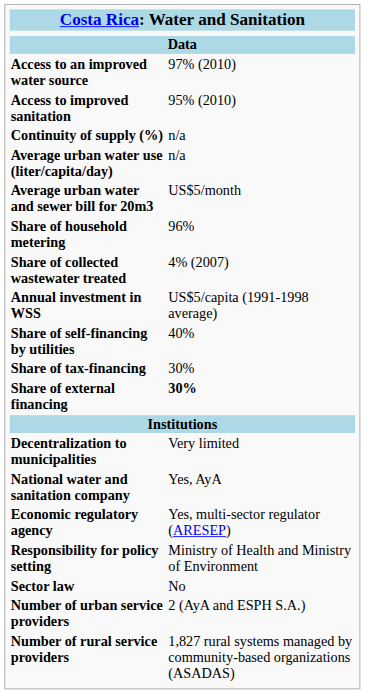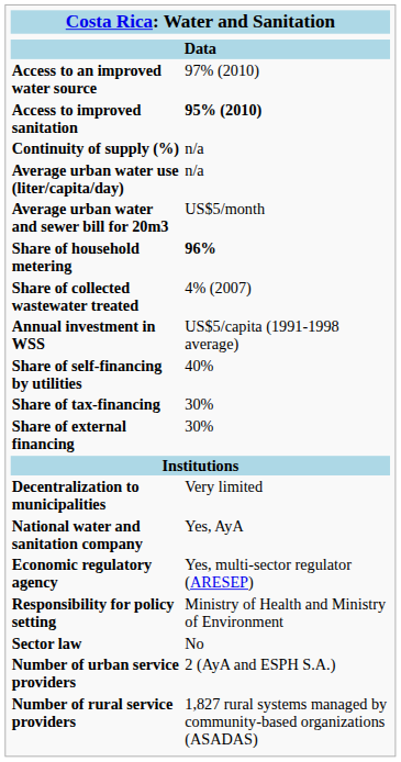 <table style="width: 25em; font-size: 100%; text-align: left;" class="infobox">
 <tr>
 <th align="center" bgcolor="lightblue" colspan="2"><big><a href='#'>Costa Rica</a>: Water and Sanitation</big></th>
 </tr>
 <tr>
 <td colspan="2" style="text-align:center"></td>
 </tr>
 <tr>
 <th align="center" bgcolor="lightblue" colspan="3">Data</th>
 </tr>
 <tr>
 <th align="left" valign="top">Access to an improved water source</th>
 <td valign="top">97% (2010) </td>
 </tr>
 <tr>
 <th align="left" valign="top">Access to improved sanitation</th>
-<td valign="top">95% (2010) </td>
+<td valign="top"><strong>95% (2010) </strong></td>
 </tr>
 <tr>
 <th align="left" valign="top">Continuity of supply (%)</th>
 <td valign="top">n/a</td>
 </tr>
 <tr>
 <th align="left" valign="top">Average urban water use (liter/capita/day)</th>
 <td valign="top">n/a</td>
 </tr>
 <tr>
 <th align="left" valign="top">Average urban water and sewer bill for 20m3</th>
 <td valign="top">US$5/month</td>
 </tr>
 <tr>
 <th align="left" valign="top">Share of household metering</th>
-<td valign="top">96%</td>
+<td valign="top"><strong>96%</strong></td>
 </tr>
 <tr>
 <th align="left" valign="top">Share of collected wastewater treated</th>
 <td valign="top">4% (2007)</td>
 </tr>
 <tr>
 <th align="left" valign="top">Annual investment in WSS</th>
 <td valign="top">US$5/capita (1991-1998 average)</td>
 </tr>
 <tr>
 <th align="left" valign="top">Share of self-financing by utilities</th>
 <td valign="top">40%</td>
 </tr>
 <tr>
 <th align="left" valign="top">Share of tax-financing</th>
 <td valign="top">30%</td>
 </tr>
 <tr>
 <th align="left" valign="top">Share of external financing</th>
-<td valign="top"><strong>30%</strong></td>
+<td valign="top">30%</td>
 </tr>
 <tr>
 <th align="center" bgcolor="lightblue" colspan="3">Institutions</th>
 </tr>
 <tr>
 <th align="left" valign="top">Decentralization to municipalities</th>
 <td valign="top">Very limited</td>
 </tr>
 <tr>
 <th align="left" valign="top">National water and sanitation company</th>
 <td valign="top">Yes, AyA</td>
 </tr>
 <tr>
 <th align="left" valign="top">Economic regulatory agency</th>
 <td valign="top">Yes, multi-sector regulator (<a href='#'>ARESEP</a>)</td>
 </tr>
 <tr>
 <th align="left" valign="top">Responsibility for policy setting</th>
 <td valign="top">Ministry of Health and Ministry of Environment</td>
 </tr>
 <tr>
 <th align="left" valign="top">Sector law</th>
 <td valign="top">No</td>
 </tr>
 <tr>
 <th align="left" valign="top">Number of urban service providers</th>
 <td valign="top">2 (AyA and ESPH S.A.)</td>
 </tr>
 <tr>
 <th align="left" valign="top">Number of rural service providers</th>
 <td valign="top">1,827 rural systems managed by community-based organizations (ASADAS)</td>
 </tr>
 <tr>
 </tr>
 </table>
